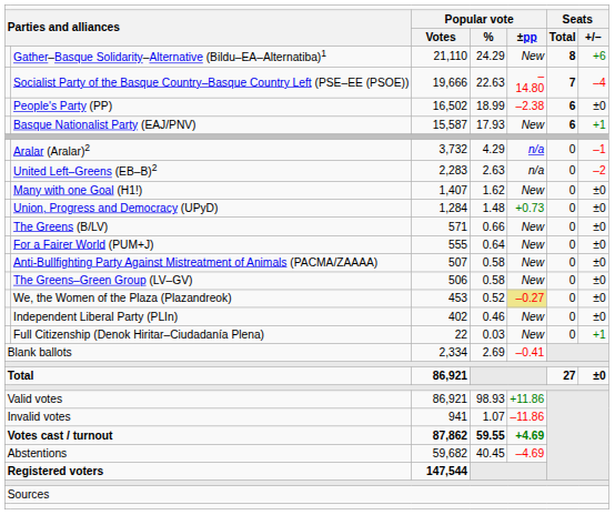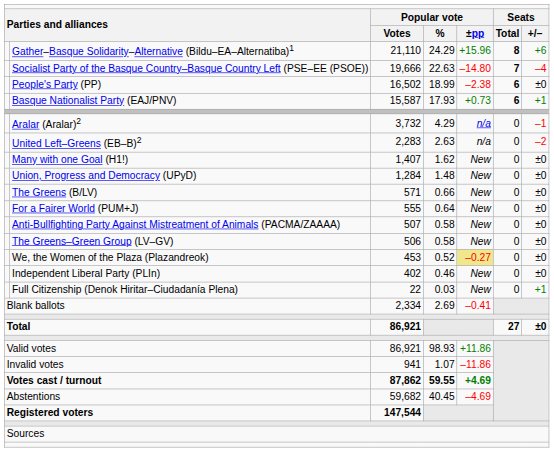 <table class="wikitable" style="text-align:right;">
 <tr>
 <td colspan="7"></td>
 </tr>
 <tr>
 <th style="text-align:left;" rowspan="2" colspan="2" width="525">Parties and alliances</th>
 <th colspan="3">Popular vote</th>
 <th colspan="2">Seats</th>
 </tr>
 <tr>
 <th width="75">Votes</th>
 <th width="45">%</th>
 <th width="45">±<a href='#'>pp</a></th>
 <th width="35">Total</th>
 <th width="35">+/−</th>
 </tr>
 <tr>
 <td width="1" style="color:inherit;background:"></td>
 <td align="left"><a href='#'>Gather</a>–<a href='#'>Basque Solidarity</a>–<a href='#'>Alternative</a> (Bildu–EA–Alternatiba)<sup>1</sup></td>
 <td>21,110</td>
 <td>24.29</td>
-<td><em>New</em></td>
+<td style="color:green;">+15.96</td>
 <td><strong>8</strong></td>
 <td style="color:green;">+6</td>
 </tr>
 <tr>
 <td style="color:inherit;background:"></td>
 <td align="left"><a href='#'>Socialist Party of the Basque Country–Basque Country Left</a> (PSE–EE (PSOE))</td>
 <td>19,666</td>
 <td>22.63</td>
 <td style="color:red;">–14.80</td>
 <td><strong>7</strong></td>
 <td style="color:red;">–4</td>
 </tr>
 <tr>
 <td style="color:inherit;background:"></td>
 <td align="left"><a href='#'>People's Party</a> (PP)</td>
 <td>16,502</td>
 <td>18.99</td>
 <td style="color:red;">–2.38</td>
 <td><strong>6</strong></td>
 <td>±0</td>
 </tr>
 <tr>
 <td style="color:inherit;background:"></td>
 <td align="left"><a href='#'>Basque Nationalist Party</a> (EAJ/PNV)</td>
 <td>15,587</td>
 <td>17.93</td>
-<td><em>New</em></td>
+<td style="color:green;">+0.73</td>
 <td><strong>6</strong></td>
 <td style="color:green;">+1</td>
 </tr>
 <tr>
 <td colspan="7" bgcolor="#C0C0C0"></td>
 </tr>
 <tr>
 <td style="color:inherit;background:"></td>
 <td align="left"><a href='#'>Aralar</a> (Aralar)<sup>2</sup></td>
 <td>3,732</td>
 <td>4.29</td>
 <td><em><a href='#'>n/a</a></em></td>
 <td>0</td>
 <td style="color:red;">–1</td>
 </tr>
 <tr>
 <td style="color:inherit;background:"></td>
 <td align="left"><a href='#'>United Left–Greens</a> (EB–B)<sup>2</sup></td>
 <td>2,283</td>
 <td>2.63</td>
 <td><em>n/a</em></td>
 <td>0</td>
 <td style="color:red;">–2</td>
 </tr>
 <tr>
 <td style="color:inherit;background:"></td>
 <td align="left"><a href='#'>Many with one Goal</a> (H1!)</td>
 <td>1,407</td>
 <td>1.62</td>
 <td><em>New</em></td>
 <td>0</td>
 <td>±0</td>
 </tr>
 <tr>
 <td style="color:inherit;background:"></td>
 <td align="left"><a href='#'>Union, Progress and Democracy</a> (UPyD)</td>
 <td>1,284</td>
 <td>1.48</td>
-<td style="color:green;">+0.73</td>
+<td><em>New</em></td>
 <td>0</td>
 <td>±0</td>
 </tr>
 <tr>
 <td style="color:inherit;background:"></td>
 <td align="left"><a href='#'>The Greens</a> (B/LV)</td>
 <td>571</td>
 <td>0.66</td>
 <td><em>New</em></td>
 <td>0</td>
 <td>±0</td>
 </tr>
 <tr>
 <td style="color:inherit;background:"></td>
 <td align="left"><a href='#'>For a Fairer World</a> (PUM+J)</td>
 <td>555</td>
 <td>0.64</td>
 <td><em>New</em></td>
 <td>0</td>
 <td>±0</td>
 </tr>
 <tr>
 <td style="color:inherit;background:"></td>
 <td align="left"><a href='#'>Anti-Bullfighting Party Against Mistreatment of Animals</a> (PACMA/ZAAAA)</td>
 <td>507</td>
 <td>0.58</td>
 <td><em>New</em></td>
 <td>0</td>
 <td>±0</td>
 </tr>
 <tr>
 <td style="color:inherit;background:"></td>
 <td align="left"><a href='#'>The Greens–Green Group</a> (LV–GV)</td>
 <td>506</td>
 <td>0.58</td>
 <td><em>New</em></td>
 <td>0</td>
 <td>±0</td>
 </tr>
 <tr>
 <td style="color:inherit;background:"></td>
 <td align="left">We, the Women of the Plaza (Plazandreok)</td>
 <td>453</td>
 <td>0.52</td>
 <td style="background: khaki; color:red;">–0.27</td>
 <td>0</td>
 <td>±0</td>
 </tr>
 <tr>
 <td style="color:inherit;background:"></td>
 <td align="left">Independent Liberal Party (PLIn)</td>
 <td>402</td>
 <td>0.46</td>
 <td><em>New</em></td>
 <td>0</td>
 <td>±0</td>
 </tr>
 <tr>
 <td style="color:inherit;background:"></td>
 <td align="left">Full Citizenship (Denok Hiritar–Ciudadanía Plena)</td>
 <td>22</td>
 <td>0.03</td>
 <td><em>New</em></td>
 <td>0</td>
 <td style="color:green;">+1</td>
 </tr>
 <tr>
 <td align="left" colspan="2">Blank ballots</td>
 <td>2,334</td>
 <td>2.69</td>
 <td style="color:red;">–0.41</td>
 <td bgcolor="#E9E9E9" colspan="2"></td>
 </tr>
 <tr>
 <td colspan="7" bgcolor="#E9E9E9"></td>
 </tr>
 <tr style="font-weight:bold;">
 <td align="left" colspan="2">Total</td>
 <td>86,921</td>
 <td bgcolor="#E9E9E9" colspan="2"></td>
 <td>27</td>
 <td>±0</td>
 </tr>
 <tr>
 <td colspan="7" bgcolor="#E9E9E9"></td>
 </tr>
 <tr>
 <td align="left" colspan="2">Valid votes</td>
 <td>86,921</td>
 <td>98.93</td>
 <td style="color:green;">+11.86</td>
 <td bgcolor="#E9E9E9" colspan="2" rowspan="5"></td>
 </tr>
 <tr>
 <td align="left" colspan="2">Invalid votes</td>
 <td>941</td>
 <td>1.07</td>
 <td style="color:red;">–11.86</td>
 </tr>
 <tr style="font-weight:bold;">
 <td align="left" colspan="2">Votes cast / turnout</td>
 <td>87,862</td>
 <td>59.55</td>
 <td style="color:green;">+4.69</td>
 </tr>
 <tr>
 <td align="left" colspan="2">Abstentions</td>
 <td>59,682</td>
 <td>40.45</td>
 <td style="color:red;">–4.69</td>
 </tr>
 <tr style="font-weight:bold;">
 <td align="left" colspan="2">Registered voters</td>
 <td>147,544</td>
 <td bgcolor="#E9E9E9" colspan="2"></td>
 </tr>
 <tr>
 <td colspan="7" bgcolor="#E9E9E9"></td>
 </tr>
 <tr>
 <td align="left" colspan="7">Sources</td>
 </tr>
 <tr>
 <td colspan="7" style="text-align:left; max-width:790px;"></td>
 </tr>
 </table>
